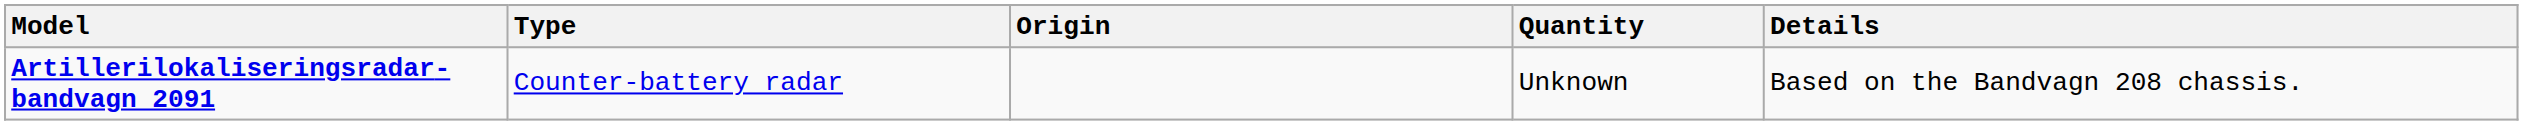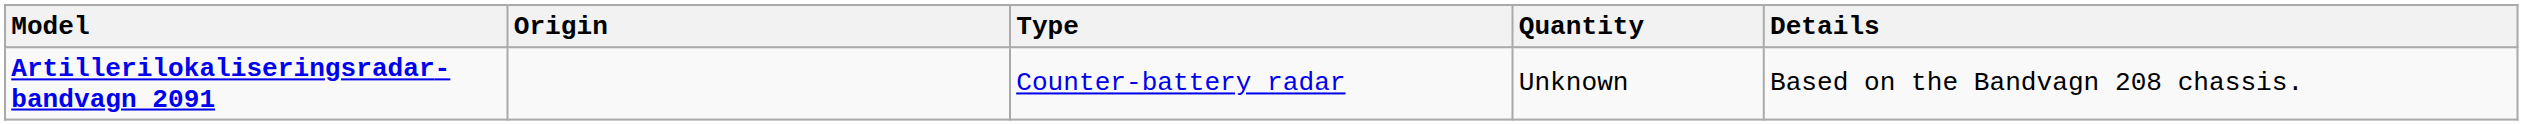 <table class="wikitable">
 <tr>
 <th style="text-align:left;width:20%;">Model</th>
+<th style="text-align:left;width:20%;">Origin</th>
 <th style="text-align:left;width:20%;">Type</th>
-<th style="text-align:left;width:20%;">Origin</th>
 <th style="text-align:left;width:10%;">Quantity</th>
 <th style="text-align:left;width:30%;">Details</th>
 </tr>
 <tr>
 <td><strong><a href='#'>Artilleri­lokaliserings­radar­band­vagn 2091</a></strong></td>
+<td></td>
 <td><a href='#'>Counter-battery radar</a></td>
-<td></td>
 <td>Unknown</td>
 <td>Based on the Bandvagn 208 chassis.</td>
 </tr>
 </table>
